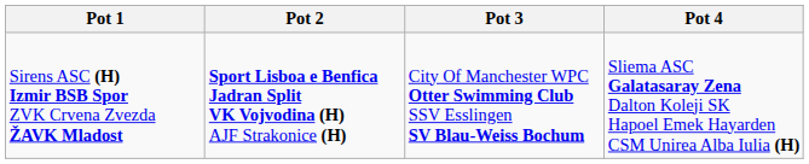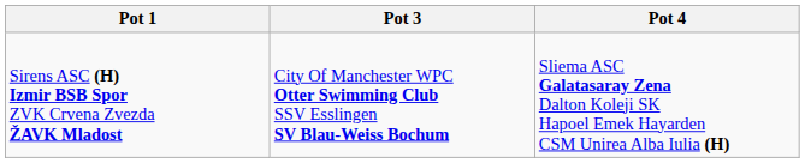 <table class="wikitable collapsible">
 <tr>
 <th width=25%>Pot 1</th>
-<th width=25%>Pot 2</th>
 <th width=25%>Pot 3</th>
 <th width=25%>Pot 4</th>
 </tr>
 <tr>
 <td><br> <a href='#'>Sirens ASC</a> <strong>(H)</strong><br>  <strong><a href='#'>Izmir BSB Spor</a></strong><br>  <a href='#'>ZVK Crvena Zvezda</a><br>  <strong><a href='#'>ŽAVK Mladost</a></strong></td>
-<td><br> <strong><a href='#'>Sport Lisboa e Benfica</a></strong><br>  <strong><a href='#'>Jadran Split</a></strong><br>  <strong><a href='#'>VK Vojvodina</a></strong> <strong>(H)</strong><br>  <a href='#'>AJF Strakonice</a> <strong>(H)</strong></td>
 <td><br> <a href='#'>City Of Manchester WPC</a> <br>  <strong><a href='#'>Otter Swimming Club</a></strong> <br>  <a href='#'>SSV Esslingen</a><br>  <strong><a href='#'>SV Blau-Weiss Bochum</a></strong></td>
 <td><br> <a href='#'>Sliema ASC</a><br>  <strong><a href='#'>Galatasaray Zena</a></strong> <br>  <a href='#'>Dalton Koleji SK</a><br>  <a href='#'>Hapoel Emek Hayarden</a><br>  <a href='#'>CSM Unirea Alba Iulia</a> <strong>(H)</strong></td>
 </tr>
 </table>
